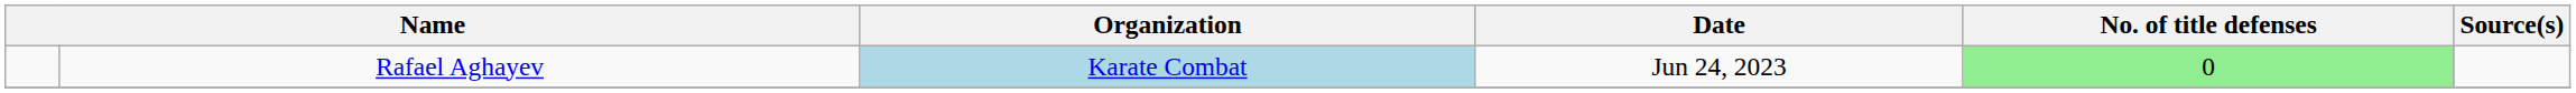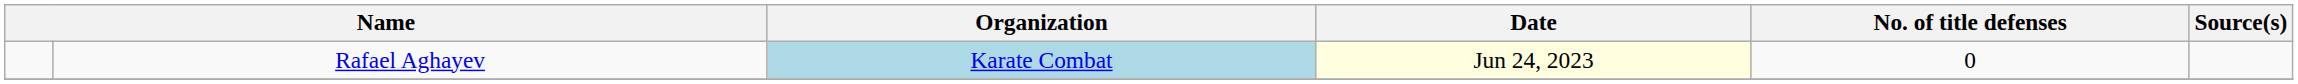 <table class="wikitable" style="width:99%; text-align:center;">
 <tr>
 <th colspan="2" style="width:35%;">Name</th>
 <th style="width:25%;">Organization</th>
 <th width=20%>Date</th>
 <th width=20%>No. of title defenses</th>
 <th>Source(s)</th>
 </tr>
 <tr>
 <td><br></td>
 <td><a href='#'>Rafael Aghayev</a></td>
 <td style="background: lightblue;"><a href='#'>Karate Combat</a></td>
-<td>Jun 24, 2023</td>
-<td style="background: lightgreen;">0</td>
+<td style="background: lightyellow;">Jun 24, 2023</td>
+<td>0</td>
 <td></td>
 </tr>
 <tr>
 </tr>
 </table>
